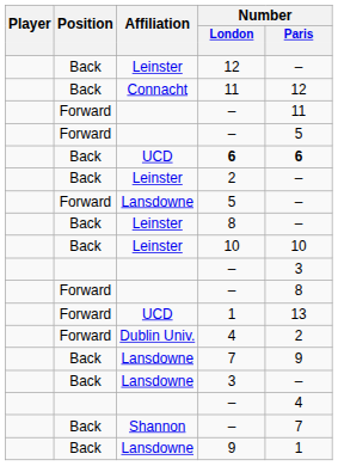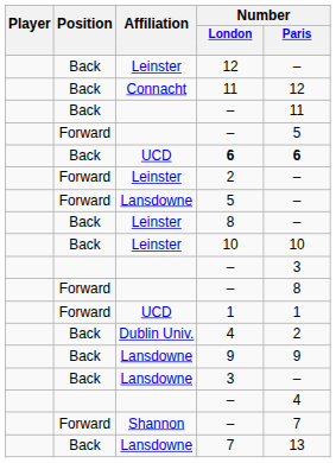 <table class="wikitable sortable" style="text-align:center;">
 <tr>
 <th rowspan=2 style="border-bottom:0px;">Player</th>
 <th rowspan=2 style="border-bottom:0px;">Position</th>
 <th rowspan=2 style="border-bottom:0px;">Affiliation</th>
 <th colspan=2 style="padding:2px;">Number</th>
 </tr>
 <tr>
 <th valign=top style="width:5.2em; border-bottom:0px; padding:2px; font-size:85%;"><a href='#'>London</a></th>
 <th valign=top style="width:5.2em; border-bottom:0px; padding:2px; font-size:85%;"><a href='#'>Paris</a></th>
 </tr>
 <tr style="line-height:8px;">
 <th style="border-top:0px;"> </th>
 <th style="border-top:0px;"></th>
 <th style="border-top:0px;"></th>
 <th data-sort-type="number" style="border-top:0px;"></th>
 <th data-sort-type="number" style="border-top:0px;"></th>
 </tr>
 <tr>
 <td align=left></td>
 <td>Back</td>
 <td><a href='#'>Leinster</a></td>
 <td>12</td>
 <td>–</td>
 </tr>
 <tr>
 <td align=left></td>
 <td>Back</td>
 <td><a href='#'>Connacht</a></td>
 <td>11</td>
 <td>12</td>
 </tr>
 <tr>
 <td align=left></td>
-<td>Forward</td>
+<td>Back</td>
 <td></td>
 <td>–</td>
 <td>11</td>
 </tr>
 <tr>
 <td align=left></td>
 <td>Forward</td>
 <td></td>
 <td>–</td>
 <td>5</td>
 </tr>
 <tr>
 <td align=left></td>
 <td>Back</td>
 <td><a href='#'>UCD</a></td>
 <td><strong>6</strong></td>
 <td><strong>6</strong></td>
 </tr>
 <tr>
 <td align=left></td>
-<td>Back</td>
+<td>Forward</td>
 <td><a href='#'>Leinster</a></td>
 <td>2</td>
 <td>–</td>
 </tr>
 <tr>
 <td align=left></td>
 <td>Forward</td>
 <td><a href='#'>Lansdowne</a></td>
 <td>5</td>
 <td>–</td>
 </tr>
 <tr>
 <td align=left></td>
 <td>Back</td>
 <td><a href='#'>Leinster</a></td>
 <td>8</td>
 <td>–</td>
 </tr>
 <tr>
 <td align=left></td>
 <td>Back</td>
 <td><a href='#'>Leinster</a></td>
 <td>10</td>
 <td>10</td>
 </tr>
 <tr>
 <td align=left></td>
 <td></td>
 <td></td>
 <td>–</td>
 <td>3</td>
 </tr>
 <tr>
 <td align=left></td>
 <td>Forward</td>
 <td></td>
 <td>–</td>
 <td>8</td>
 </tr>
 <tr>
 <td align=left></td>
 <td>Forward</td>
 <td><a href='#'>UCD</a></td>
 <td>1</td>
-<td>13</td>
+<td>1</td>
 </tr>
 <tr>
 <td align=left></td>
-<td>Forward</td>
+<td>Back</td>
 <td><a href='#'>Dublin Univ.</a></td>
 <td>4</td>
 <td>2</td>
 </tr>
 <tr>
 <td align=left></td>
 <td>Back</td>
 <td><a href='#'>Lansdowne</a></td>
-<td>7</td>
+<td>9</td>
 <td>9</td>
 </tr>
 <tr>
 <td align=left></td>
 <td>Back</td>
 <td><a href='#'>Lansdowne</a></td>
 <td>3</td>
 <td>–</td>
 </tr>
 <tr>
 <td align=left></td>
 <td></td>
 <td></td>
 <td>–</td>
 <td>4</td>
 </tr>
 <tr>
 <td align=left></td>
-<td>Back</td>
+<td>Forward</td>
 <td><a href='#'>Shannon</a></td>
 <td>–</td>
 <td>7</td>
 </tr>
 <tr>
 <td align=left></td>
 <td>Back</td>
 <td><a href='#'>Lansdowne</a></td>
-<td>9</td>
-<td>1</td>
+<td>7</td>
+<td>13</td>
 </tr>
 </table>
